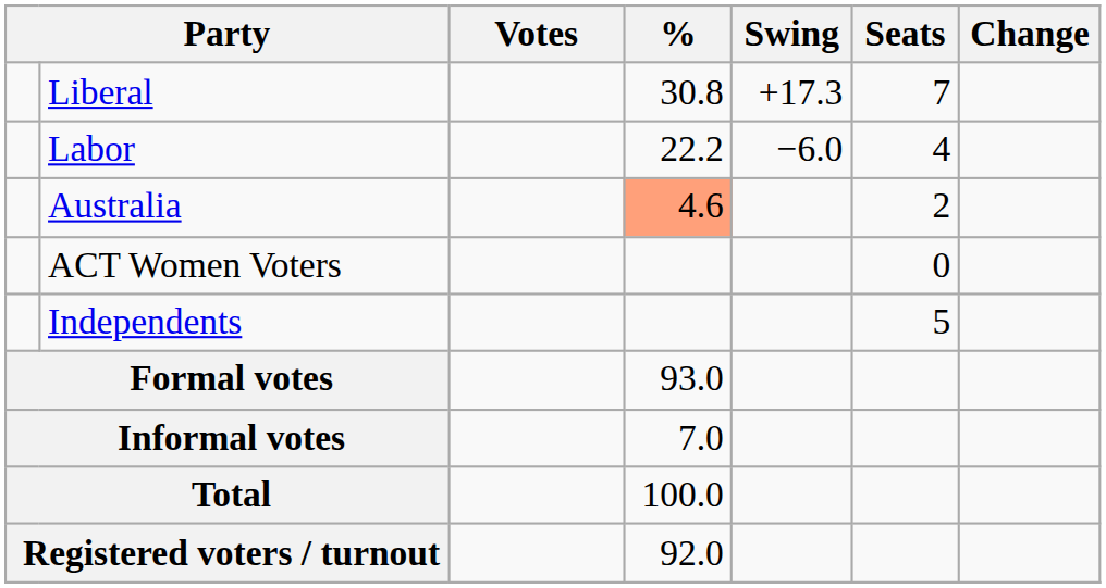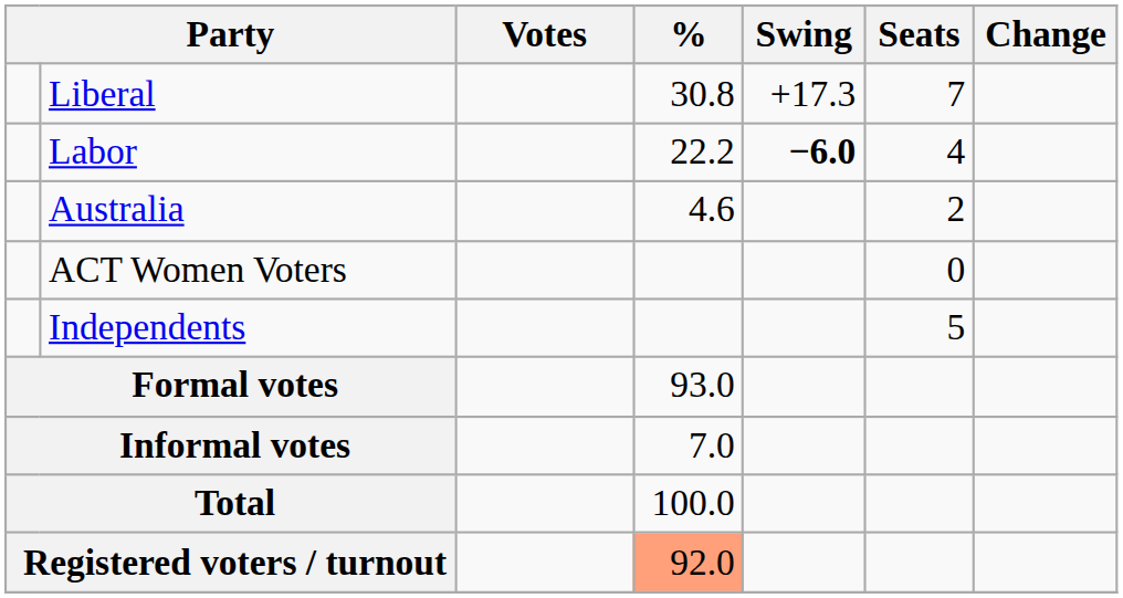 <table class="wikitable" style="text-align:right; margin-bottom:0">
 <tr>
 <th style="width:10px;" colspan=3>Party</th>
 <th style="width:70px;">Votes</th>
 <th style="width:40px;">%</th>
 <th style="width:40px;">Swing</th>
 <th style="width:40px;">Seats</th>
 <th style="width:40px;">Change</th>
 </tr>
 <tr>
 <td> </td>
 <td style="text-align:left;" colspan="2"><a href='#'>Liberal</a></td>
 <td style="width:70px;"></td>
 <td style="width:40px;">30.8</td>
 <td style="width:45px;">+17.3</td>
 <td style="width:40px;">7</td>
 <td style="width:55px;"></td>
 </tr>
 <tr>
 <td> </td>
 <td style="text-align:left;" colspan="2"><a href='#'>Labor</a></td>
 <td style="width:70px;"></td>
 <td style="width:40px;">22.2</td>
-<td style="width:45px;">−6.0</td>
+<td style="width:45px;"><strong>−6.0</strong></td>
 <td style="width:40px;">4</td>
 <td style="width:55px;"></td>
 </tr>
 <tr>
 <td> </td>
 <td style="text-align:left;" colspan="2"><a href='#'>Australia</a></td>
 <td></td>
-<td style="background: lightsalmon;">4.6</td>
+<td>4.6</td>
 <td></td>
 <td>2</td>
 <td></td>
 </tr>
 <tr>
 <td> </td>
 <td style="text-align:left;" colspan="2">ACT Women Voters</td>
 <td></td>
 <td></td>
 <td></td>
 <td>0</td>
 <td></td>
 </tr>
 <tr>
 <td> </td>
 <td style="text-align:left;" colspan="2"><a href='#'>Independents</a></td>
 <td></td>
 <td></td>
 <td></td>
 <td>5</td>
 <td></td>
 </tr>
 <tr>
 <th colspan="3"> Formal votes</th>
 <td></td>
 <td>93.0</td>
 <td></td>
 <td></td>
 <td></td>
 </tr>
 <tr>
 <th colspan="3"> Informal votes</th>
 <td></td>
 <td>7.0</td>
 <td></td>
 <td></td>
 <td></td>
 </tr>
 <tr>
 <th colspan="3"> Total</th>
 <td></td>
 <td>100.0</td>
 <td></td>
 <td></td>
 <td></td>
 </tr>
 <tr>
 <th colspan="3"> Registered voters / turnout</th>
 <td></td>
-<td>92.0</td>
+<td style="background: lightsalmon;">92.0</td>
 <td></td>
 <td></td>
 <td></td>
 </tr>
 <tr>
 </tr>
 </table>
